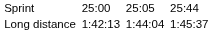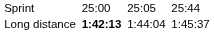 <table>
 <tr>
 <td>Sprint</td>
 <td></td>
 <td>25:00</td>
 <td></td>
 <td>25:05</td>
 <td></td>
 <td>25:44</td>
 </tr>
 <tr>
 <td>Long distance</td>
 <td></td>
-<td>1:42:13</td>
+<td><strong>1:42:13</strong></td>
 <td></td>
 <td>1:44:04</td>
 <td></td>
 <td>1:45:37</td>
 </tr>
 </table>
